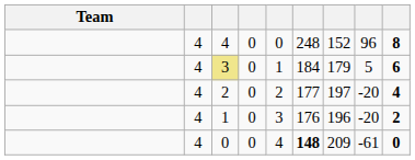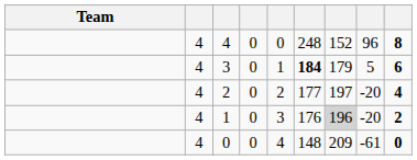 <table class=wikitable style="text-align:center">
 <tr>
 <th width=175>Team</th>
 <th width=20 abbr=Played></th>
 <th width=20 abbr=Won></th>
 <th width=20 abbr=Drawn></th>
 <th width=20 abbr=Lost></th>
 <th width=20 abbr=Goal For></th>
 <th width=20 abbr=Goal Against></th>
 <th width=20 abbr=Goal Difference></th>
 <th width=20 abbr=Points></th>
 </tr>
 <tr>
 <td style="text-align:left;"></td>
 <td>4</td>
 <td>4</td>
 <td>0</td>
 <td>0</td>
 <td>248</td>
 <td>152</td>
 <td>96</td>
 <td><strong>8</strong></td>
 </tr>
 <tr>
 <td style="text-align:left;"></td>
 <td>4</td>
-<td style="background: khaki;">3</td>
+<td>3</td>
 <td>0</td>
 <td>1</td>
-<td>184</td>
+<td><strong>184</strong></td>
 <td>179</td>
 <td>5</td>
 <td><strong>6</strong></td>
 </tr>
 <tr>
 <td style="text-align:left;"></td>
 <td>4</td>
 <td>2</td>
 <td>0</td>
 <td>2</td>
 <td>177</td>
 <td>197</td>
 <td>-20</td>
 <td><strong>4</strong></td>
 </tr>
 <tr>
 <td style="text-align:left;"></td>
 <td>4</td>
 <td>1</td>
 <td>0</td>
 <td>3</td>
 <td>176</td>
-<td>196</td>
+<td style="background: lightgrey;">196</td>
 <td>-20</td>
 <td><strong>2</strong></td>
 </tr>
 <tr>
 <td style="text-align:left;"></td>
 <td>4</td>
 <td>0</td>
 <td>0</td>
 <td>4</td>
-<td><strong>148</strong></td>
+<td>148</td>
 <td>209</td>
 <td>-61</td>
 <td><strong>0</strong></td>
 </tr>
 </table>
